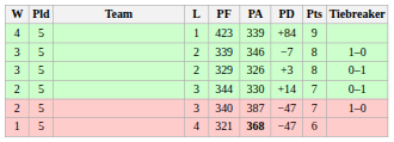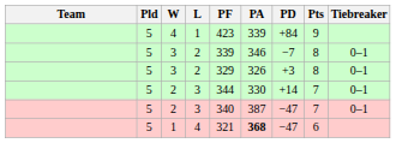 <table class="wikitable" style="text-align:center;">
 <tr>
+<th width=170>Team</th>
+<th width=25>Pld</th>
 <th width=25>W</th>
-<th width=25>Pld</th>
-<th width=170>Team</th>
 <th width=25>L</th>
 <th width=35>PF</th>
 <th width=35>PA</th>
 <th width=35>PD</th>
 <th width=25>Pts</th>
 <th width=50>Tiebreaker</th>
 </tr>
 <tr bgcolor=#ccffcc>
+<td align="left"></td>
+<td>5</td>
 <td>4</td>
-<td>5</td>
-<td align="left"></td>
 <td>1</td>
 <td>423</td>
 <td>339</td>
 <td>+84</td>
 <td>9</td>
 <td></td>
 </tr>
 <tr bgcolor=#ccffcc>
+<td align="left"></td>
+<td>5</td>
 <td>3</td>
-<td>5</td>
-<td align="left"></td>
 <td>2</td>
 <td>339</td>
 <td>346</td>
 <td>−7</td>
 <td>8</td>
-<td>1–0</td>
+<td>0–1</td>
 </tr>
 <tr bgcolor=#ccffcc>
+<td align="left"></td>
+<td>5</td>
 <td>3</td>
-<td>5</td>
-<td align="left"></td>
 <td>2</td>
 <td>329</td>
 <td>326</td>
 <td>+3</td>
 <td>8</td>
 <td>0–1</td>
 </tr>
 <tr bgcolor=#ccffcc>
+<td align="left"></td>
+<td>5</td>
 <td>2</td>
-<td>5</td>
-<td align="left"></td>
 <td>3</td>
 <td>344</td>
 <td>330</td>
 <td>+14</td>
 <td>7</td>
 <td>0–1</td>
 </tr>
 <tr bgcolor=#ffcccc>
+<td align="left"></td>
+<td>5</td>
 <td>2</td>
-<td>5</td>
-<td align="left"></td>
 <td>3</td>
 <td>340</td>
 <td>387</td>
 <td>−47</td>
 <td>7</td>
-<td>1–0</td>
+<td>0–1</td>
 </tr>
 <tr bgcolor=#ffcccc>
+<td align="left"></td>
+<td>5</td>
 <td>1</td>
-<td>5</td>
-<td align="left"></td>
 <td>4</td>
 <td>321</td>
 <td><strong>368</strong></td>
 <td>−47</td>
 <td>6</td>
 <td></td>
 </tr>
 </table>
